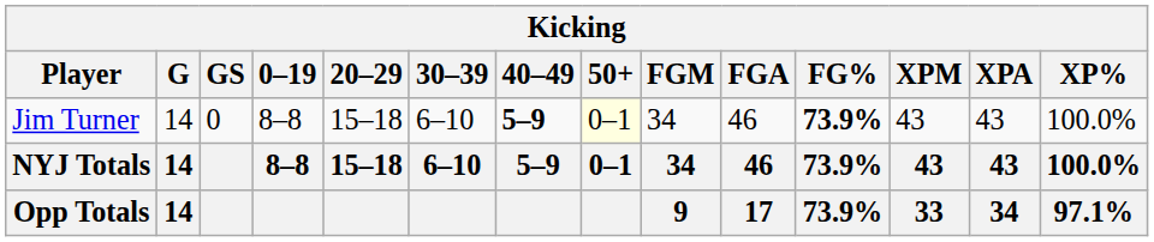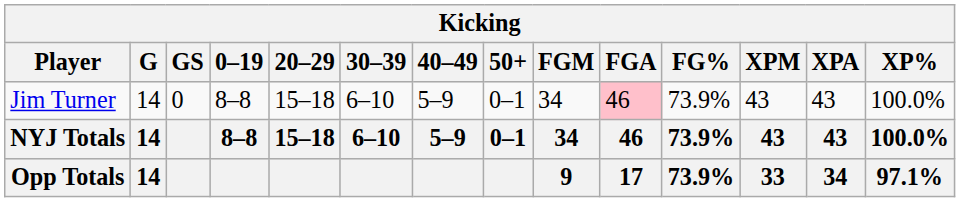 <table class="wikitable">
 <tr>
 <th colspan="14">Kicking</th>
 </tr>
 <tr>
 <th>Player</th>
 <th>G</th>
 <th>GS</th>
 <th>0–19</th>
 <th>20–29</th>
 <th>30–39</th>
 <th>40–49</th>
 <th>50+</th>
 <th>FGM</th>
 <th>FGA</th>
 <th>FG%</th>
 <th>XPM</th>
 <th>XPA</th>
 <th>XP%</th>
 </tr>
 <tr>
 <td><a href='#'>Jim Turner</a></td>
 <td>14</td>
 <td>0</td>
 <td>8–8</td>
 <td>15–18</td>
 <td>6–10</td>
-<td><strong>5–9</strong></td>
-<td style="background: lightyellow;">0–1</td>
+<td>5–9</td>
+<td>0–1</td>
 <td>34</td>
-<td>46</td>
-<td><strong>73.9%</strong></td>
+<td style="background: pink;">46</td>
+<td>73.9%</td>
 <td>43</td>
 <td>43</td>
 <td>100.0%</td>
 </tr>
 <tr>
 <th><strong>NYJ Totals</strong></th>
 <th>14</th>
 <th></th>
 <th>8–8</th>
 <th>15–18</th>
 <th>6–10</th>
 <th>5–9</th>
 <th>0–1</th>
 <th>34</th>
 <th>46</th>
 <th>73.9%</th>
 <th>43</th>
 <th>43</th>
 <th>100.0%</th>
 </tr>
 <tr>
 <th><strong>Opp Totals</strong></th>
 <th>14</th>
 <th></th>
 <th></th>
 <th></th>
 <th></th>
 <th></th>
 <th></th>
 <th>9</th>
 <th>17</th>
 <th>73.9%</th>
 <th>33</th>
 <th>34</th>
 <th>97.1%</th>
 </tr>
 </table>
